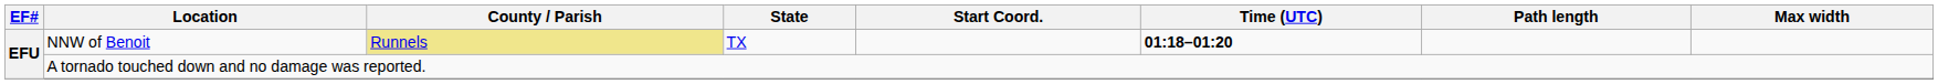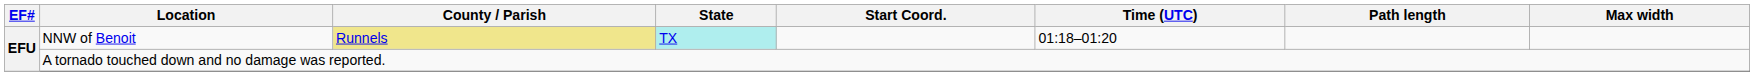 <table class="wikitable sortable" style="width:100%;">
 <tr>
 <th scope="col" width="2%" align="center"><a href='#'>EF#</a></th>
 <th scope="col" align="center" class="unsortable">Location</th>
 <th scope="col" align="center" class="unsortable">County / Parish</th>
 <th scope="col" align="center">State</th>
 <th scope="col" align="center">Start Coord.</th>
 <th scope="col" align="center">Time (<a href='#'>UTC</a>)</th>
 <th scope="col" align="center">Path length</th>
 <th scope="col" align="center">Max width</th>
 </tr>
 <tr>
 <th scope="row" rowspan="2" style="background-color:#">EFU</th>
 <td>NNW of <a href='#'>Benoit</a></td>
 <td style="background: khaki;"><a href='#'>Runnels</a></td>
-<td><a href='#'>TX</a></td>
+<td style="background: paleturquoise;"><a href='#'>TX</a></td>
 <td></td>
-<td><strong>01:18–01:20</strong></td>
+<td>01:18–01:20</td>
 <td></td>
 <td></td>
 </tr>
 <tr class="expand-child">
 <td colspan="8" style=" border-bottom: 1px solid black;">A tornado touched down and no damage was reported.</td>
 </tr>
 <tr>
 </tr>
 </table>
